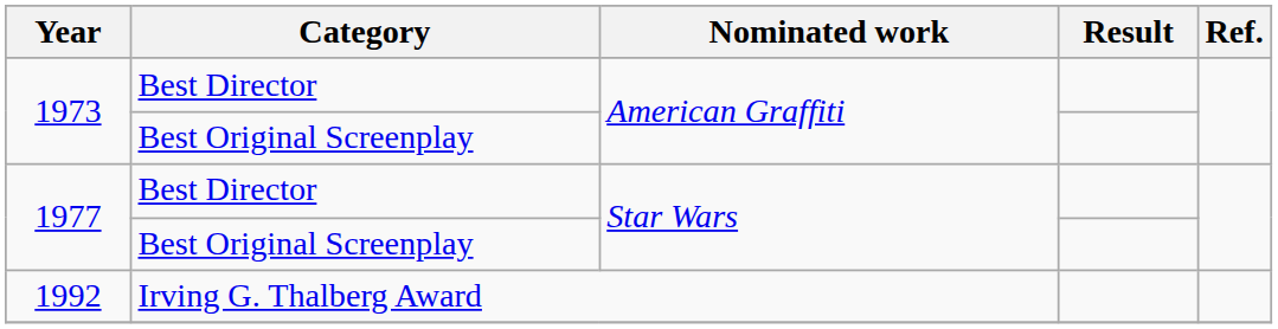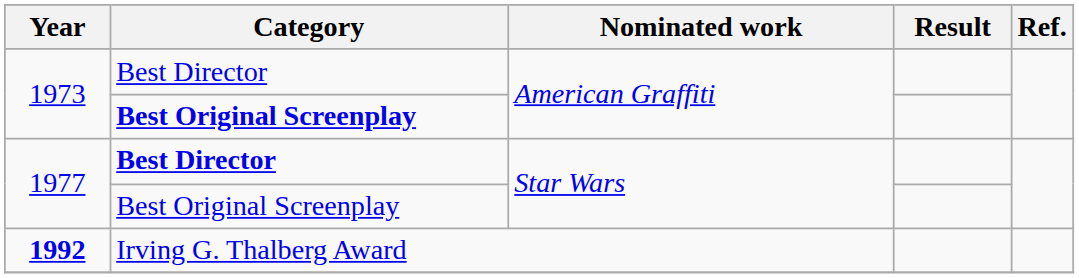 <table class=wikitable>
 <tr>
 <th scope="col" style="width:5em;">Year</th>
 <th scope="col" style="width:26em;">Category</th>
 <th scope="col" style="width:25em;">Nominated work</th>
 <th scope="col" style="width:5em;">Result</th>
 <th>Ref.</th>
 </tr>
 <tr>
 <td style="text-align:center;" , rowspan="2"><a href='#'>1973</a></td>
 <td><a href='#'>Best Director</a></td>
 <td rowspan=2><em><a href='#'>American Graffiti</a></em></td>
 <td></td>
 <td style="text-align:center;", rowspan=2></td>
 </tr>
 <tr>
-<td><a href='#'>Best Original Screenplay</a></td>
+<td><strong><a href='#'>Best Original Screenplay</a></strong></td>
 <td></td>
 </tr>
 <tr>
 <td style="text-align:center;", rowspan="2"><a href='#'>1977</a></td>
-<td><a href='#'>Best Director</a></td>
+<td><strong><a href='#'>Best Director</a></strong></td>
 <td rowspan=2><em><a href='#'>Star Wars</a></em></td>
 <td></td>
 <td style="text-align:center;", rowspan=2></td>
 </tr>
 <tr>
 <td><a href='#'>Best Original Screenplay</a></td>
 <td></td>
 </tr>
 <tr>
-<td style="text-align:center;"><a href='#'>1992</a></td>
+<td style="text-align:center;"><strong><a href='#'>1992</a></strong></td>
 <td colspan=2><a href='#'>Irving G. Thalberg Award</a></td>
 <td></td>
 <td style="text-align:center;"></td>
 </tr>
 <tr>
 </tr>
 </table>
